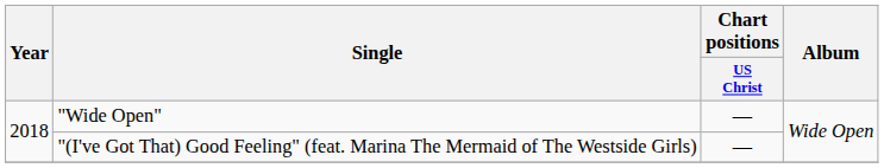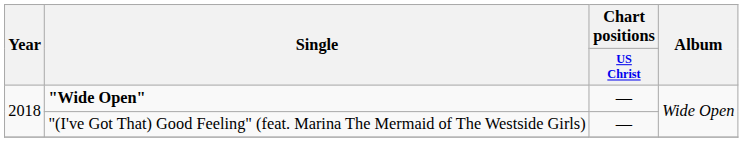 <table class="wikitable" style="text-align:center;">
 <tr>
 <th rowspan="2">Year</th>
 <th rowspan="2">Single</th>
 <th colspan="1">Chart positions</th>
 <th rowspan="2">Album</th>
 </tr>
 <tr style="font-size:smaller;">
 <th scope="col" style="width:3em;font-size:90%;"><a href='#'>US<br>Christ</a></th>
 </tr>
 <tr>
 <td rowspan="2">2018</td>
-<td align="left">"Wide Open"<br></td>
+<td align="left"><strong>"Wide Open"<br></strong></td>
 <td>—</td>
 <td rowspan="2"><em>Wide Open</em></td>
 </tr>
 <tr>
 <td align="left">"(I've Got That) Good Feeling" (feat. Marina The Mermaid of The Westside Girls)</td>
 <td>—</td>
 </tr>
 <tr>
 </tr>
 </table>
